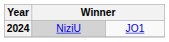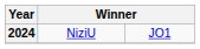 <table class="wikitable plainrowheaders" style="text-align:center">
 <tr>
 <th scope="col">Year</th>
 <th scope="col" width="200" colspan='2'>Winner</th>
 </tr>
 <tr>
 <th scope="row">2024</th>
-<td style="background: lightgrey;"><a href='#'>NiziU</a></td>
+<td><a href='#'>NiziU</a></td>
 <td><a href='#'>JO1</a></td>
 </tr>
 <tr>
 </tr>
 </table>
